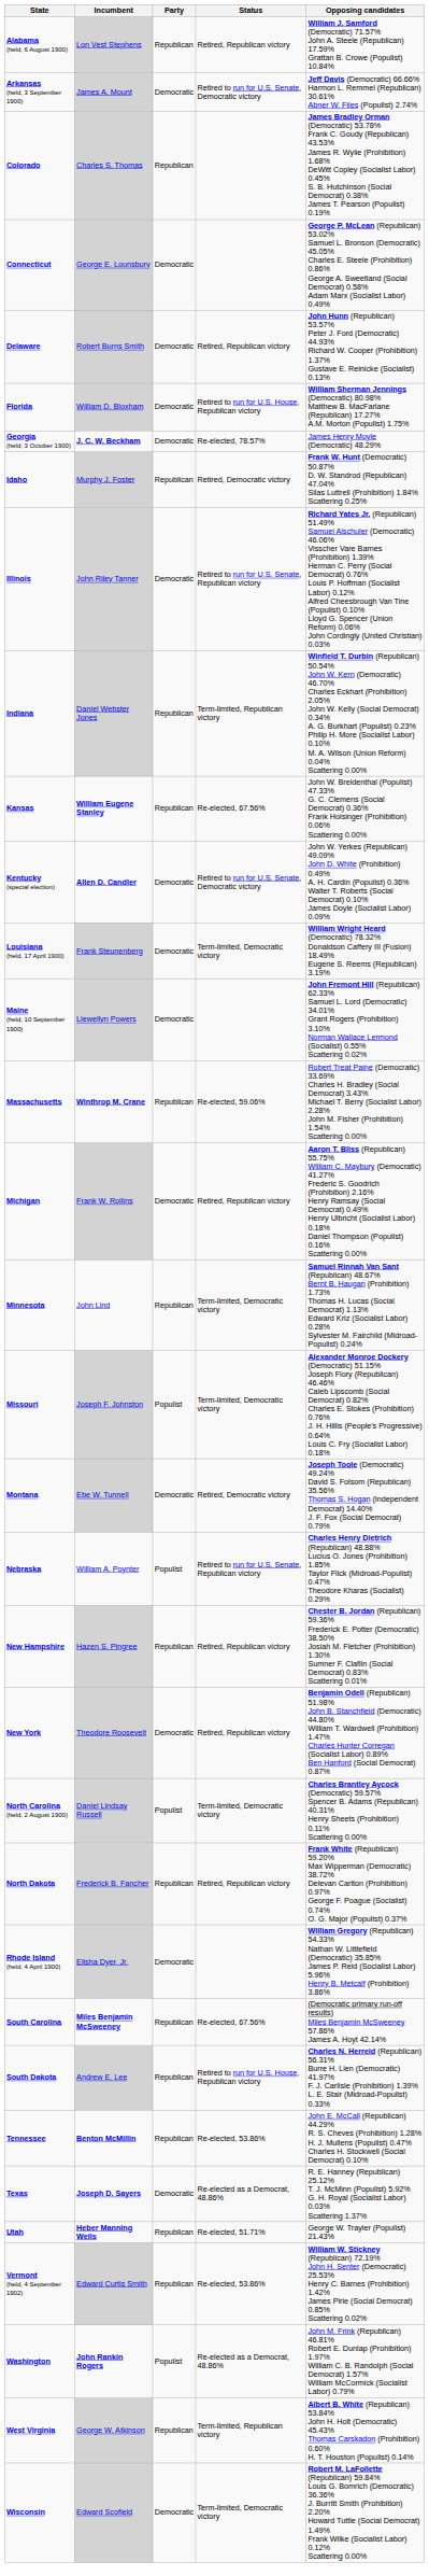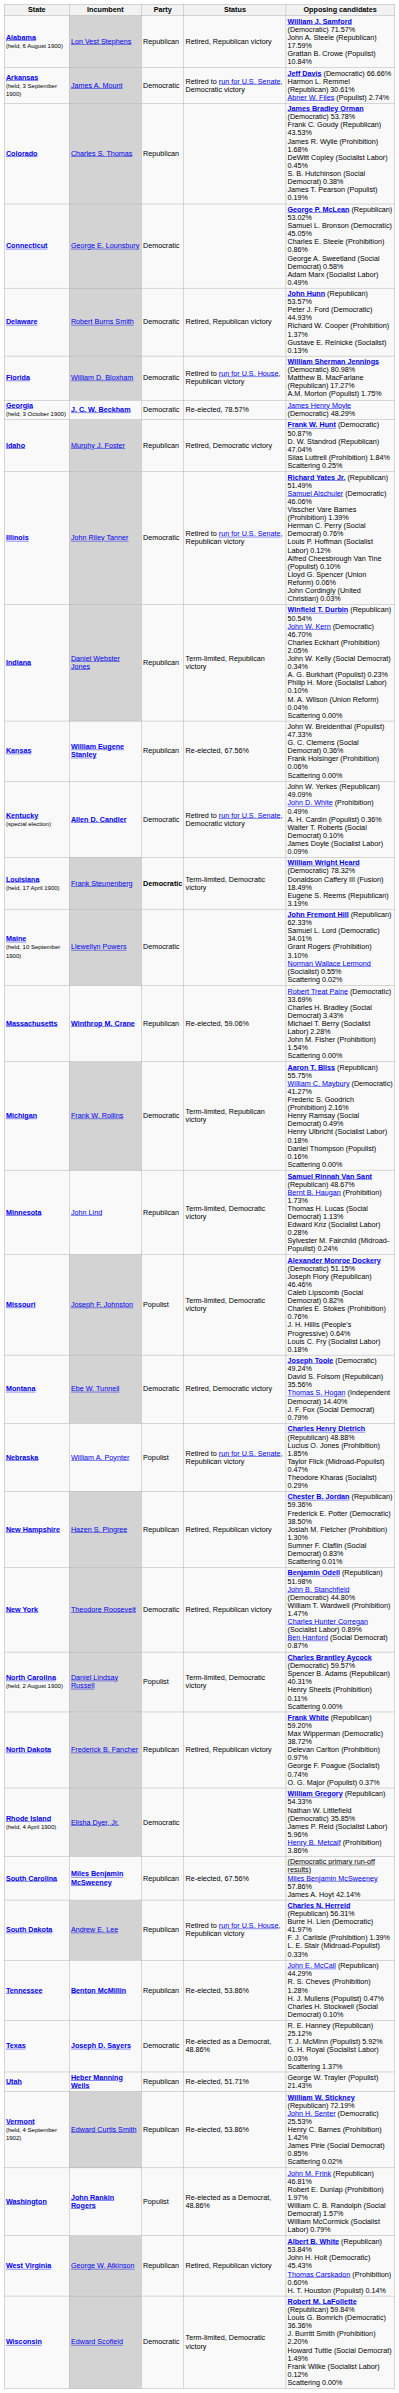 <table class="wikitable">
 <tr>
 <th>State</th>
 <th>Incumbent</th>
 <th>Party</th>
 <th>Status</th>
 <th>Opposing candidates</th>
 </tr>
 <tr>
 <td><strong><a href='#'>Alabama</a></strong><br><small>(held, 6 August 1900)</small></td>
 <td bgcolor="lightgrey"><a href='#'>Lon Vest Stephens</a></td>
 <td>Republican</td>
 <td>Retired, Republican victory</td>
 <td><strong><a href='#'>William J. Samford</a></strong> (Democratic) 71.57%<br>John A. Steele (Republican) 17.59%<br>Grattan B. Crowe (Populist) 10.84%<br></td>
 </tr>
 <tr>
 <td><strong><a href='#'>Arkansas</a></strong><br><small>(held, 3 September 1900)</small></td>
 <td bgcolor="lightgrey"><a href='#'>James A. Mount</a></td>
 <td>Democratic</td>
 <td>Retired to <a href='#'>run for U.S. Senate</a>, Democratic victory</td>
 <td><strong><a href='#'>Jeff Davis</a></strong> (Democratic) 66.66%<br>Harmon L. Remmel (Republican) 30.61%<br><a href='#'>Abner W. Files</a> (Populist) 2.74%<br></td>
 </tr>
 <tr>
 <td><strong><a href='#'>Colorado</a></strong></td>
 <td bgcolor="lightgrey"><a href='#'>Charles S. Thomas</a></td>
 <td>Republican</td>
 <td></td>
 <td><strong><a href='#'>James Bradley Orman</a></strong> (Democratic) 53.78%<br>Frank C. Goudy (Republican) 43.53%<br>James R. Wylie (Prohibition) 1.68%<br>DeWitt Copley (Socialist Labor) 0.45%<br>S. B. Hutchinson (Social Democrat) 0.38%<br>James T. Pearson (Populist) 0.19%<br></td>
 </tr>
 <tr>
 <td><strong><a href='#'>Connecticut</a></strong></td>
 <td bgcolor="lightgrey"><a href='#'>George E. Lounsbury</a></td>
 <td>Democratic</td>
 <td></td>
 <td><strong><a href='#'>George P. McLean</a></strong> (Republican) 53.02%<br>Samuel L. Bronson (Democratic) 45.05%<br>Charles E. Steele (Prohibition) 0.86%<br>George A. Sweetland (Social Democrat) 0.58%<br>Adam Marx (Socialist Labor) 0.49%<br></td>
 </tr>
 <tr>
 <td><strong><a href='#'>Delaware</a></strong></td>
 <td bgcolor="lightgrey"><a href='#'>Robert Burns Smith</a></td>
 <td>Democratic</td>
 <td>Retired, Republican victory</td>
 <td><strong><a href='#'>John Hunn</a></strong> (Republican) 53.57%<br>Peter J. Ford (Democratic) 44.93%<br>Richard W. Cooper (Prohibition) 1.37%<br>Gustave E. Reinicke (Socialist) 0.13%<br></td>
 </tr>
 <tr>
 <td><strong><a href='#'>Florida</a></strong></td>
 <td bgcolor="lightgrey"><a href='#'>William D. Bloxham</a></td>
 <td>Democratic</td>
 <td>Retired to <a href='#'>run for U.S. House</a>, Republican victory</td>
 <td><strong><a href='#'>William Sherman Jennings</a></strong> (Democratic) 80.98%<br>Matthew B. MacFarlane (Republican) 17.27%<br>A.M. Morton (Populist) 1.75%<br></td>
 </tr>
 <tr>
 <td><strong><a href='#'>Georgia</a></strong><br><small>(held, 3 October 1900)</small></td>
 <td><strong><a href='#'>J. C. W. Beckham</a></strong></td>
 <td>Democratic</td>
 <td>Re-elected, 78.57%</td>
 <td><a href='#'>James Henry Moyle</a> (Democratic) 48.29%<br></td>
 </tr>
 <tr>
 <td><strong><a href='#'>Idaho</a></strong></td>
 <td bgcolor="lightgrey"><a href='#'>Murphy J. Foster</a></td>
 <td>Republican</td>
 <td>Retired, Democratic victory</td>
 <td><strong><a href='#'>Frank W. Hunt</a></strong> (Democratic) 50.87%<br>D. W. Standrod (Republican) 47.04%<br>Silas Luttrell (Prohibition) 1.84%<br>Scattering 0.25%<br></td>
 </tr>
 <tr>
 <td><strong><a href='#'>Illinois</a></strong></td>
 <td bgcolor="lightgrey"><a href='#'>John Riley Tanner</a></td>
 <td>Democratic</td>
 <td>Retired to <a href='#'>run for U.S. Senate</a>, Republican victory</td>
 <td><strong><a href='#'>Richard Yates Jr.</a></strong> (Republican) 51.49%<br><a href='#'>Samuel Alschuler</a> (Democratic) 46.06%<br>Visscher Vare Barnes (Prohibition) 1.39%<br>Herman C. Perry (Social Democrat) 0.76%<br>Louis P. Hoffman (Socialist Labor) 0.12%<br>Alfred Cheesbrough Van Tine (Populist) 0.10%<br>Lloyd G. Spencer (Union Reform) 0.06%<br>John Cordingly (United Christian) 0.03%<br></td>
 </tr>
 <tr>
 <td><strong><a href='#'>Indiana</a></strong></td>
 <td bgcolor="lightgrey"><a href='#'>Daniel Webster Jones</a></td>
 <td>Republican</td>
 <td>Term-limited, Republican victory</td>
 <td><strong><a href='#'>Winfield T. Durbin</a></strong> (Republican) 50.54%<br><a href='#'>John W. Kern</a> (Democratic) 46.70%<br>Charles Eckhart (Prohibition) 2.05%<br>John W. Kelly (Social Democrat) 0.34%<br>A. G. Burkhart (Populist) 0.23%<br>Philip H. More (Socialist Labor) 0.10%<br>M. A. Wilson (Union Reform) 0.04%<br>Scattering 0.00%<br></td>
 </tr>
 <tr>
 <td><strong><a href='#'>Kansas</a></strong></td>
 <td><strong><a href='#'>William Eugene Stanley</a></strong></td>
 <td>Republican</td>
 <td>Re-elected, 67.56%</td>
 <td>John W. Breidenthal (Populist) 47.33%<br>G. C. Clemens (Social Democrat) 0.36%<br>Frank Holsinger (Prohibition) 0.06%<br>Scattering 0.00%<br></td>
 </tr>
 <tr>
 <td><strong><a href='#'>Kentucky</a></strong><br><small>(special election)</small></td>
 <td><strong><a href='#'>Allen D. Candler</a></strong></td>
 <td>Democratic</td>
 <td>Retired to <a href='#'>run for U.S. Senate</a>, Democratic victory</td>
 <td>John W. Yerkes (Republican) 49.09%<br><a href='#'>John D. White</a> (Prohibition) 0.49%<br>A. H. Cardin (Populist) 0.36%<br>Walter T. Roberts (Social Democrat) 0.10%<br>James Doyle (Socialist Labor) 0.09%<br></td>
 </tr>
 <tr>
 <td><strong><a href='#'>Louisiana</a></strong><br><small>(held, 17 April 1900)</small></td>
 <td bgcolor="lightgrey"><a href='#'>Frank Steunenberg</a></td>
-<td>Democratic</td>
+<td><strong>Democratic</strong></td>
 <td>Term-limited, Democratic victory</td>
 <td><strong><a href='#'>William Wright Heard</a></strong> (Democratic) 78.32%<br>Donaldson Caffery III (Fusion) 18.49%<br>Eugene S. Reems (Republican) 3.19%<br></td>
 </tr>
 <tr>
 <td><strong><a href='#'>Maine</a></strong><br><small>(held, 10 September 1900)</small></td>
 <td bgcolor="lightgrey"><a href='#'>Llewellyn Powers</a></td>
 <td>Democratic</td>
 <td></td>
 <td><strong><a href='#'>John Fremont Hill</a></strong> (Republican) 62.33%<br>Samuel L. Lord (Democratic) 34.01%<br>Grant Rogers (Prohibition) 3.10%<br><a href='#'>Norman Wallace Lermond</a> (Socialist) 0.55%<br>Scattering 0.02%<br></td>
 </tr>
 <tr>
 <td><strong><a href='#'>Massachusetts</a></strong></td>
 <td><strong><a href='#'>Winthrop M. Crane</a></strong></td>
 <td>Republican</td>
 <td>Re-elected, 59.06%</td>
 <td><a href='#'>Robert Treat Paine</a> (Democratic) 33.69%<br>Charles H. Bradley (Social Democrat) 3.43%<br>Michael T. Berry (Socialist Labor) 2.28%<br>John M. Fisher (Prohibition) 1.54%<br>Scattering 0.00%<br></td>
 </tr>
 <tr>
 <td><strong><a href='#'>Michigan</a></strong></td>
 <td bgcolor="lightgrey"><a href='#'>Frank W. Rollins</a></td>
 <td>Democratic</td>
-<td>Retired, Republican victory</td>
+<td>Term-limited, Republican victory</td>
 <td><strong><a href='#'>Aaron T. Bliss</a></strong> (Republican) 55.75%<br><a href='#'>William C. Maybury</a> (Democratic) 41.27%<br>Frederic S. Goodrich (Prohibition) 2.16%<br>Henry Ramsay (Social Democrat) 0.49%<br>Henry Ulbricht (Socialist Labor) 0.18%<br>Daniel Thompson (Populist) 0.16%<br>Scattering 0.00%<br></td>
 </tr>
 <tr>
 <td><strong><a href='#'>Minnesota</a></strong></td>
 <td><a href='#'>John Lind</a></td>
 <td>Republican</td>
 <td>Term-limited, Democratic victory</td>
 <td><strong><a href='#'>Samuel Rinnah Van Sant</a></strong> (Republican) 48.67%<br><a href='#'>Bernt B. Haugan</a> (Prohibition) 1.73%<br>Thomas H. Lucas (Social Democrat) 1.13%<br>Edward Kriz (Socialist Labor) 0.28%<br>Sylvester M. Fairchild (Midroad-Populist) 0.24%<br></td>
 </tr>
 <tr>
 <td><strong><a href='#'>Missouri</a></strong></td>
 <td bgcolor="lightgrey"><a href='#'>Joseph F. Johnston</a></td>
 <td>Populist</td>
 <td>Term-limited, Democratic victory</td>
 <td><strong><a href='#'>Alexander Monroe Dockery</a></strong> (Democratic) 51.15%<br>Joseph Flory (Republican) 46.46%<br>Caleb Lipscomb (Social Democrat) 0.82%<br>Charles E. Stokes (Prohibition) 0.76%<br>J. H. Hillis (People's Progressive) 0.64%<br>Louis C. Fry (Socialist Labor) 0.18%<br></td>
 </tr>
 <tr>
 <td><strong><a href='#'>Montana</a></strong></td>
 <td bgcolor="lightgrey"><a href='#'>Ebe W. Tunnell</a></td>
 <td>Democratic</td>
 <td>Retired, Democratic victory</td>
 <td><strong><a href='#'>Joseph Toole</a></strong> (Democratic) 49.24%<br>David S. Folsom (Republican) 35.56%<br><a href='#'>Thomas S. Hogan</a> (Independent Democrat) 14.40%<br>J. F. Fox (Social Democrat) 0.79%<br></td>
 </tr>
 <tr>
 <td><strong><a href='#'>Nebraska</a></strong></td>
 <td><a href='#'>William A. Poynter</a></td>
 <td>Populist</td>
 <td>Retired to <a href='#'>run for U.S. Senate</a>, Republican victory</td>
 <td><strong><a href='#'>Charles Henry Dietrich</a></strong> (Republican) 48.88%<br>Lucius O. Jones (Prohibition) 1.85%<br>Taylor Flick (Midroad-Populist) 0.47%<br>Theodore Kharas (Socialist) 0.29%<br></td>
 </tr>
 <tr>
 <td><strong><a href='#'>New Hampshire</a></strong></td>
 <td bgcolor="lightgrey"><a href='#'>Hazen S. Pingree</a></td>
 <td>Republican</td>
 <td>Retired, Republican victory</td>
 <td><strong><a href='#'>Chester B. Jordan</a></strong> (Republican) 59.36%<br>Frederick E. Potter (Democratic) 38.50%<br>Josiah M. Fletcher (Prohibition) 1.30%<br>Sumner F. Claflin (Social Democrat) 0.83%<br>Scattering 0.01%<br></td>
 </tr>
 <tr>
 <td><strong><a href='#'>New York</a></strong></td>
 <td bgcolor="lightgrey"><a href='#'>Theodore Roosevelt</a></td>
 <td>Democratic</td>
 <td>Retired, Republican victory</td>
 <td><strong><a href='#'>Benjamin Odell</a></strong> (Republican) 51.98%<br><a href='#'>John B. Stanchfield</a> (Democratic) 44.80%<br>William T. Wardwell (Prohibition) 1.47%<br><a href='#'>Charles Hunter Corregan</a> (Socialist Labor) 0.89%<br><a href='#'>Ben Hanford</a> (Social Democrat) 0.87%<br></td>
 </tr>
 <tr>
 <td><strong><a href='#'>North Carolina</a></strong><br><small>(held, 2 August 1900)</small></td>
 <td bgcolor="lightgrey"><a href='#'>Daniel Lindsay Russell</a></td>
 <td>Populist</td>
 <td>Term-limited, Democratic victory</td>
 <td><strong><a href='#'>Charles Brantley Aycock</a></strong> (Democratic) 59.57%<br>Spencer B. Adams (Republican) 40.31%<br>Henry Sheets (Prohibition) 0.11%<br>Scattering 0.00%<br></td>
 </tr>
 <tr>
 <td><strong><a href='#'>North Dakota</a></strong></td>
 <td bgcolor="lightgrey"><a href='#'>Frederick B. Fancher</a></td>
 <td>Republican</td>
 <td>Retired, Republican victory</td>
 <td><strong><a href='#'>Frank White</a></strong> (Republican) 59.20%<br>Max Wipperman (Democratic) 38.72%<br>Delevan Carlton (Prohibition) 0.97%<br>George F. Poague (Socialist) 0.74%<br>O. G. Major (Populist) 0.37%<br></td>
 </tr>
 <tr>
 <td><strong><a href='#'>Rhode Island</a></strong><br><small>(held, 4 April 1900)</small></td>
 <td bgcolor="lightgrey"><a href='#'>Elisha Dyer, Jr.</a></td>
 <td>Democratic</td>
 <td></td>
 <td><strong><a href='#'>William Gregory</a></strong> (Republican) 54.33%<br>Nathan W. Littlefield (Democratic) 35.85%<br>James P. Reid (Socialist Labor) 5.96%<br><a href='#'>Henry B. Metcalf</a> (Prohibition) 3.86%<br></td>
 </tr>
 <tr>
 <td><strong><a href='#'>South Carolina</a></strong></td>
 <td><strong><a href='#'>Miles Benjamin McSweeney</a></strong></td>
 <td>Republican</td>
 <td>Re-elected, 67.56%</td>
 <td><u>(Democratic primary run-off results)</u><br><a href='#'>Miles Benjamin McSweeney</a> 57.86%<br>James A. Hoyt 42.14%<br></td>
 </tr>
 <tr>
 <td><strong><a href='#'>South Dakota</a></strong></td>
 <td bgcolor="lightgrey"><a href='#'>Andrew E. Lee</a></td>
 <td>Republican</td>
 <td>Retired to <a href='#'>run for U.S. House</a>, Republican victory</td>
 <td><strong><a href='#'>Charles N. Herreid</a></strong> (Republican) 56.31%<br>Burre H. Lien (Democratic) 41.97%<br>F. J. Carlisle (Prohibition) 1.39%<br>L. E. Stair (Midroad-Populist) 0.33%<br></td>
 </tr>
 <tr>
 <td><strong><a href='#'>Tennessee</a></strong></td>
 <td><strong><a href='#'>Benton McMillin</a></strong></td>
 <td>Republican</td>
 <td>Re-elected, 53.86%</td>
 <td><a href='#'>John E. McCall</a> (Republican) 44.29%<br>R. S. Cheves (Prohibition) 1.28%<br>H. J. Mullens (Populist) 0.47%<br>Charles H. Stockwell (Social Democrat) 0.10%<br></td>
 </tr>
 <tr>
 <td><strong><a href='#'>Texas</a></strong></td>
 <td><strong><a href='#'>Joseph D. Sayers</a></strong></td>
 <td>Democratic</td>
 <td>Re-elected as a Democrat, 48.86%</td>
 <td>R. E. Hanney (Republican) 25.12%<br>T. J. McMinn (Populist) 5.92%<br>G. H. Royal (Socialist Labor) 0.03%<br>Scattering 1.37%<br></td>
 </tr>
 <tr>
 <td><strong><a href='#'>Utah</a></strong></td>
 <td><strong><a href='#'>Heber Manning Wells</a></strong></td>
 <td>Republican</td>
 <td>Re-elected, 51.71%</td>
 <td>George W. Trayler (Populist) 21.43%<br></td>
 </tr>
 <tr>
 <td><strong><a href='#'>Vermont</a></strong><br><small>(held, 4 September 1902)</small></td>
 <td bgcolor="lightgrey"><a href='#'>Edward Curtis Smith</a></td>
 <td>Republican</td>
 <td>Re-elected, 53.86%</td>
 <td><strong><a href='#'>William W. Stickney</a></strong> (Republican) 72.19%<br><a href='#'>John H. Senter</a> (Democratic) 25.53%<br>Henry C. Barnes (Prohibition) 1.42%<br>James Pirie (Social Democrat) 0.85%<br>Scattering 0.02%<br></td>
 </tr>
 <tr>
 <td><strong><a href='#'>Washington</a></strong></td>
 <td><strong><a href='#'>John Rankin Rogers</a></strong></td>
 <td>Populist</td>
 <td>Re-elected as a Democrat, 48.86%</td>
 <td><a href='#'>John M. Frink</a> (Republican) 46.81%<br>Robert E. Dunlap (Prohibition) 1.97%<br>William C. B. Randolph (Social Democrat) 1.57%<br>William McCormick (Socialist Labor) 0.79%<br></td>
 </tr>
 <tr>
 <td><strong><a href='#'>West Virginia</a></strong></td>
 <td bgcolor="lightgrey"><a href='#'>George W. Atkinson</a></td>
 <td>Republican</td>
-<td>Term-limited, Republican victory</td>
+<td>Retired, Republican victory</td>
 <td><strong><a href='#'>Albert B. White</a></strong> (Republican) 53.84%<br>John H. Holt (Democratic) 45.43%<br><a href='#'>Thomas Carskadon</a> (Prohibition) 0.60%<br>H. T. Houston (Populist) 0.14%<br></td>
 </tr>
 <tr>
 <td><strong><a href='#'>Wisconsin</a></strong></td>
 <td bgcolor="lightgrey"><a href='#'>Edward Scofield</a></td>
 <td>Democratic</td>
 <td>Term-limited, Democratic victory</td>
 <td><strong><a href='#'>Robert M. LaFollette</a></strong> (Republican) 59.84%<br>Louis G. Bomrich (Democratic) 36.36%<br>J. Burritt Smith (Prohibition) 2.20%<br>Howard Tuttle (Social Democrat) 1.49%<br>Frank Wilke (Socialist Labor) 0.12%<br>Scattering 0.00%<br></td>
 </tr>
 </table>
